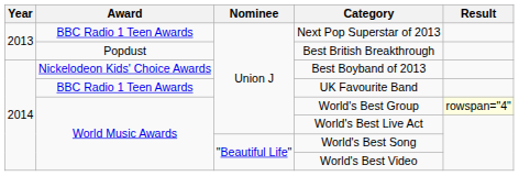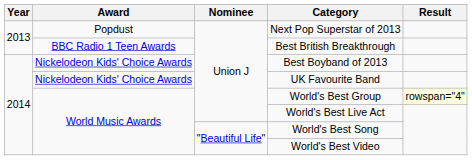 <table class="wikitable sortable plainrowheaders" style="text-align:center;">
 <tr>
 <th scope="col">Year</th>
 <th scope="col">Award</th>
 <th scope="col">Nominee</th>
 <th scope="col">Category</th>
 <th scope="col">Result</th>
 </tr>
 <tr>
 <td rowspan="2">2013</td>
-<td><a href='#'>BBC Radio 1 Teen Awards</a></td>
+<td>Popdust</td>
 <td rowspan="6">Union J</td>
 <td>Next Pop Superstar of 2013</td>
 <td></td>
 </tr>
 <tr>
-<td>Popdust</td>
+<td><a href='#'>BBC Radio 1 Teen Awards</a></td>
 <td>Best British Breakthrough</td>
 <td></td>
 </tr>
 <tr>
 <td rowspan="6">2014</td>
 <td><a href='#'>Nickelodeon Kids' Choice Awards</a></td>
 <td>Best Boyband of 2013</td>
 <td></td>
 </tr>
 <tr>
-<td><a href='#'>BBC Radio 1 Teen Awards</a></td>
+<td><a href='#'>Nickelodeon Kids' Choice Awards</a></td>
 <td>UK Favourite Band</td>
 <td></td>
 </tr>
 <tr>
 <td rowspan="4"><a href='#'>World Music Awards</a></td>
 <td>World's Best Group</td>
 <td style="background: lightyellow;">rowspan="4" </td>
 </tr>
 <tr>
 <td>World's Best Live Act</td>
 </tr>
 <tr>
 <td rowspan="2">"<a href='#'>Beautiful Life</a>"</td>
 <td>World's Best Song</td>
 </tr>
 <tr>
 <td>World's Best Video</td>
 </tr>
 </table>
